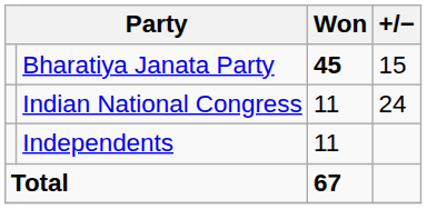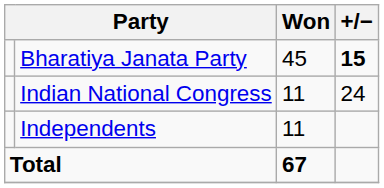 <table class="sortable wikitable">
 <tr>
 <th colspan="2">Party</th>
 <th>Won</th>
 <th><strong>+/−</strong></th>
 </tr>
 <tr>
 <td></td>
 <td><a href='#'>Bharatiya Janata Party</a></td>
-<td><strong>45</strong></td>
-<td>15</td>
+<td>45</td>
+<td><strong>15</strong></td>
 </tr>
 <tr>
 <td></td>
 <td><a href='#'>Indian National Congress</a></td>
 <td>11</td>
 <td>24</td>
 </tr>
 <tr>
 <td></td>
 <td><a href='#'>Independents</a></td>
 <td>11</td>
 <td></td>
 </tr>
 <tr>
 <td colspan="2"><strong>Total</strong></td>
 <td><strong>67</strong></td>
 <td></td>
 </tr>
 <tr>
 </tr>
 </table>
